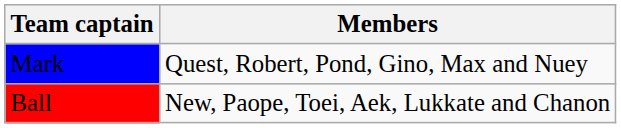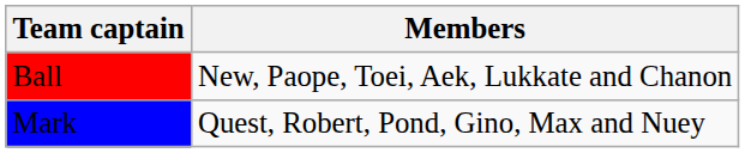 <table class="wikitable">
 <tr>
 <th>Team captain</th>
 <th>Members</th>
 </tr>
 <tr>
+<td style="background:red"><span>Ball</span></td>
+<td>New, Paope, Toei, Aek, Lukkate and Chanon</td>
+</tr>
+<tr>
 <td style="background:#0000FF"><span>Mark</span></td>
 <td>Quest, Robert, Pond, Gino, Max and Nuey</td>
 </tr>
-<tr>
-<td style="background:red"><span>Ball</span></td>
-<td>New, Paope, Toei, Aek, Lukkate and Chanon</td>
-</tr>
 </table>
